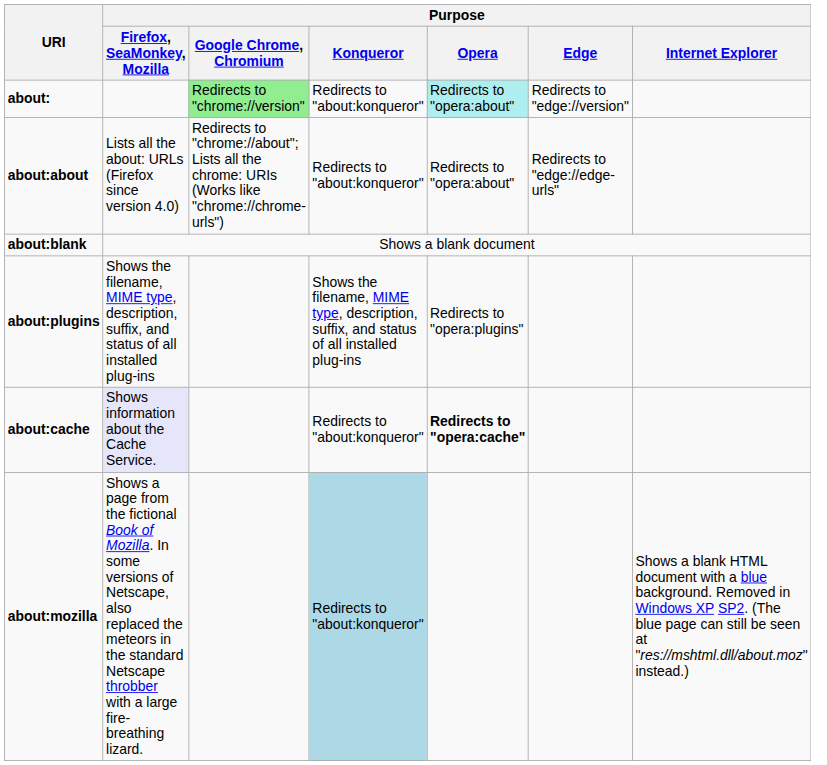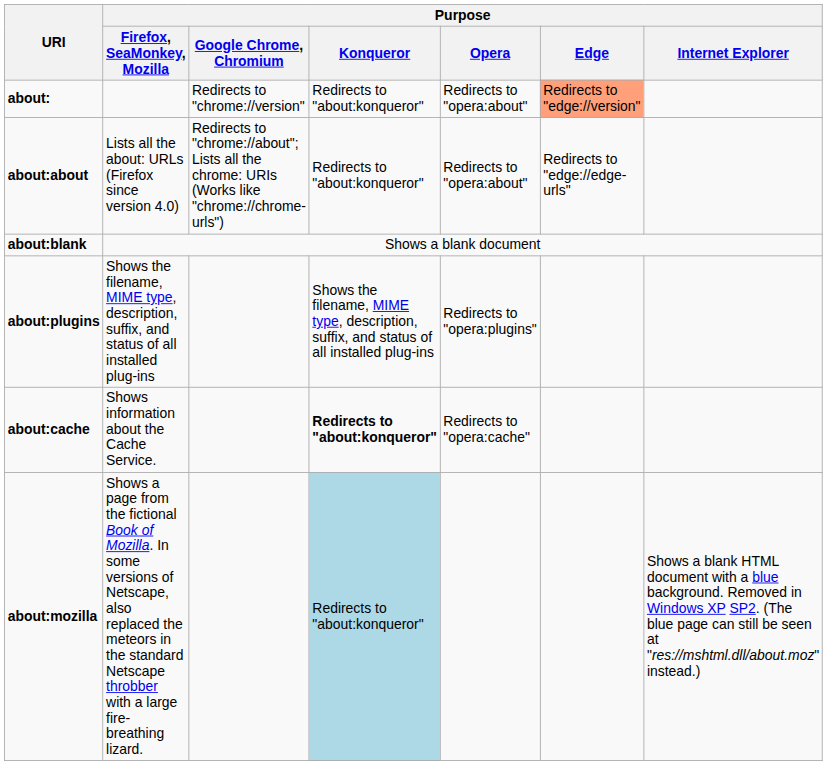 <table class="wikitable">
 <tr>
 <th rowspan="2">URI</th>
 <th colspan="6">Purpose</th>
 </tr>
 <tr>
 <th><a href='#'>Firefox</a>, <a href='#'>SeaMonkey</a>, <a href='#'>Mozilla</a></th>
 <th><a href='#'>Google Chrome</a>, <a href='#'>Chromium</a></th>
 <th><a href='#'>Konqueror</a></th>
 <th><a href='#'>Opera</a></th>
 <th><a href='#'>Edge</a></th>
 <th><a href='#'>Internet Explorer</a></th>
 </tr>
 <tr>
 <td><strong>about:</strong></td>
 <td></td>
-<td style="background: lightgreen;">Redirects to "chrome://version"</td>
+<td>Redirects to "chrome://version"</td>
 <td>Redirects to "about:konqueror"</td>
-<td style="background: paleturquoise;">Redirects to "opera:about"</td>
-<td>Redirects to "edge://version"</td>
+<td>Redirects to "opera:about"</td>
+<td style="background: lightsalmon;">Redirects to "edge://version"</td>
 <td></td>
 </tr>
 <tr>
 <td><strong>about:about</strong></td>
 <td>Lists all the about: URLs <br> (Firefox since version 4.0)</td>
 <td>Redirects to "chrome://about"; Lists all the chrome: URIs (Works like "chrome://chrome-urls")</td>
 <td>Redirects to "about:konqueror"</td>
 <td>Redirects to "opera:about"</td>
 <td>Redirects to "edge://edge-urls"</td>
 <td></td>
 </tr>
 <tr>
 <td><strong>about:blank</strong></td>
 <td colspan="6" style="text-align:center;">Shows a blank document</td>
 </tr>
 <tr>
 <td><strong>about:plugins</strong></td>
 <td>Shows the filename, <a href='#'>MIME type</a>, description, suffix, and status of all installed plug-ins</td>
 <td></td>
 <td>Shows the filename, <a href='#'>MIME type</a>, description, suffix, and status of all installed plug-ins</td>
 <td>Redirects to "opera:plugins"</td>
 <td></td>
 <td></td>
 </tr>
 <tr>
 <td><strong>about:cache</strong></td>
-<td style="background: lavender;">Shows information about the Cache Service.</td>
+<td>Shows information about the Cache Service.</td>
 <td></td>
-<td>Redirects to "about:konqueror"</td>
-<td><strong>Redirects to "opera:cache"</strong></td>
+<td><strong>Redirects to "about:konqueror"</strong></td>
+<td>Redirects to "opera:cache"</td>
 <td></td>
 <td></td>
 </tr>
 <tr>
 <td><strong>about:mozilla</strong></td>
 <td>Shows a page from the fictional <em><a href='#'>Book of Mozilla</a></em>. In some versions of Netscape, also replaced the meteors in the standard Netscape <a href='#'>throbber</a> with a large fire-breathing lizard.</td>
 <td></td>
 <td style="background: lightblue;">Redirects to "about:konqueror"</td>
 <td></td>
 <td></td>
 <td>Shows a blank HTML document with a <a href='#'>blue</a> background. Removed in <a href='#'>Windows XP</a> <a href='#'>SP2</a>. (The blue page can still be seen at "<em>res://mshtml.dll/about.moz</em>" instead.)</td>
 </tr>
 </table>
